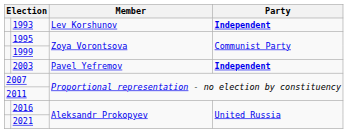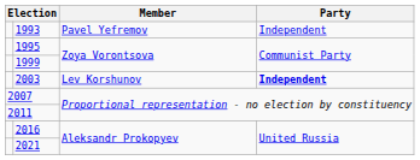 <table class="wikitable">
 <tr>
 <th colspan="2">Election</th>
 <th>Member</th>
 <th>Party</th>
 </tr>
 <tr>
 <td style="background-color:"></td>
 <td><a href='#'>1993</a></td>
-<td><a href='#'>Lev Korshunov</a></td>
-<td><strong><a href='#'>Independent</a></strong></td>
+<td><a href='#'>Pavel Yefremov</a></td>
+<td><a href='#'>Independent</a></td>
 </tr>
 <tr>
 <td style="background-color:"></td>
 <td><a href='#'>1995</a></td>
 <td rowspan=2><a href='#'>Zoya Vorontsova</a></td>
 <td rowspan=2><a href='#'>Communist Party</a></td>
 </tr>
 <tr>
 <td style="background-color:"></td>
 <td><a href='#'>1999</a></td>
 </tr>
 <tr>
 <td style="background-color:"></td>
 <td><a href='#'>2003</a></td>
-<td><a href='#'>Pavel Yefremov</a></td>
+<td><a href='#'>Lev Korshunov</a></td>
 <td><strong><a href='#'>Independent</a></strong></td>
 </tr>
 <tr>
 <td colspan=2><a href='#'>2007</a></td>
 <td colspan=2 rowspan=2><em><a href='#'>Proportional representation</a> - no election by constituency</em></td>
 </tr>
 <tr>
 <td colspan=2><a href='#'>2011</a></td>
 </tr>
 <tr>
 <td style="background-color: "></td>
 <td><a href='#'>2016</a></td>
 <td rowspan=2><a href='#'>Aleksandr Prokopyev</a></td>
 <td rowspan=2><a href='#'>United Russia</a></td>
 </tr>
 <tr>
 <td style="background-color: "></td>
 <td><a href='#'>2021</a></td>
 </tr>
 </table>
